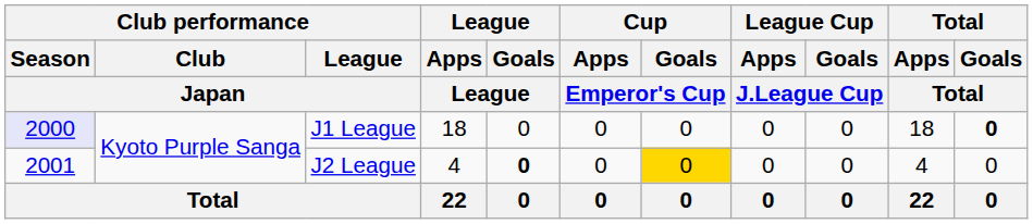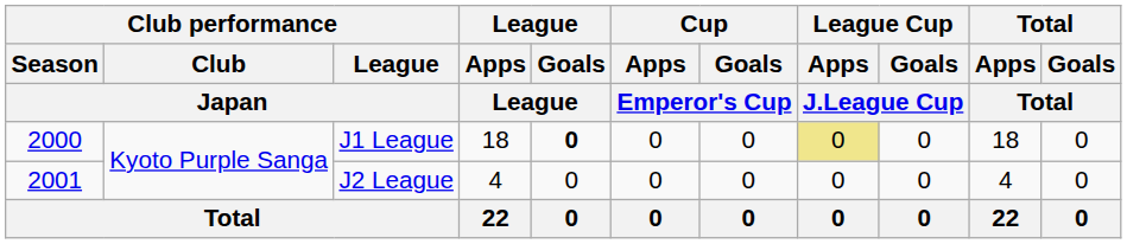 <table class="wikitable" style="text-align:center;">
 <tr>
 <th colspan=3>Club performance</th>
 <th colspan=2>League</th>
 <th colspan=2>Cup</th>
 <th colspan=2>League Cup</th>
 <th colspan=2>Total</th>
 </tr>
 <tr>
 <th>Season</th>
 <th>Club</th>
 <th>League</th>
 <th>Apps</th>
 <th>Goals</th>
 <th>Apps</th>
 <th>Goals</th>
 <th>Apps</th>
 <th>Goals</th>
 <th>Apps</th>
 <th>Goals</th>
 </tr>
 <tr>
 <th colspan=3>Japan</th>
 <th colspan=2>League</th>
 <th colspan=2><a href='#'>Emperor's Cup</a></th>
 <th colspan=2><a href='#'>J.League Cup</a></th>
 <th colspan=2>Total</th>
 </tr>
 <tr>
-<td style="background: lavender;"><a href='#'>2000</a></td>
+<td><a href='#'>2000</a></td>
 <td rowspan="2"><a href='#'>Kyoto Purple Sanga</a></td>
 <td><a href='#'>J1 League</a></td>
 <td>18</td>
+<td><strong>0</strong></td>
 <td>0</td>
 <td>0</td>
-<td>0</td>
-<td>0</td>
+<td style="background: khaki;">0</td>
 <td>0</td>
 <td>18</td>
-<td><strong>0</strong></td>
+<td>0</td>
 </tr>
 <tr>
 <td><a href='#'>2001</a></td>
 <td><a href='#'>J2 League</a></td>
 <td>4</td>
-<td><strong>0</strong></td>
 <td>0</td>
-<td style="background: gold;">0</td>
+<td>0</td>
+<td>0</td>
 <td>0</td>
 <td>0</td>
 <td>4</td>
 <td>0</td>
 </tr>
 <tr>
 <th colspan=3>Total</th>
 <th>22</th>
 <th>0</th>
 <th>0</th>
 <th>0</th>
 <th>0</th>
 <th>0</th>
 <th>22</th>
 <th>0</th>
 </tr>
 </table>
